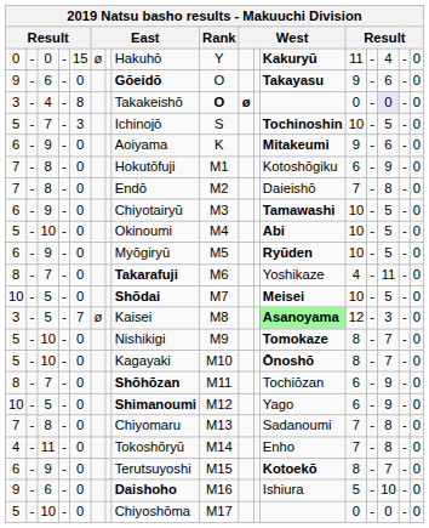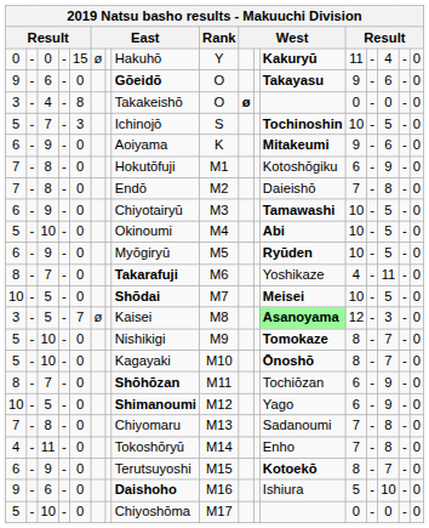 <table class="wikitable">
 <tr>
 <th colspan="17">2019 Natsu basho results - Makuuchi Division</th>
 </tr>
 <tr>
 <th colspan="5">Result</th>
 <th colspan="3">East</th>
 <th>Rank</th>
 <th colspan="3">West</th>
 <th colspan="5">Result</th>
 </tr>
 <tr>
 <td align=center>0</td>
 <td align=center>-</td>
 <td align=center>0</td>
 <td align=center>-</td>
 <td align=center>15</td>
 <td align=center>ø</td>
 <td align=center></td>
 <td>Hakuhō</td>
 <td align=center>Y</td>
 <td align=center></td>
 <td align=center></td>
 <td><strong>Kakuryū</strong></td>
 <td align=center>11</td>
 <td align=center>-</td>
 <td align=center>4</td>
 <td align=center>-</td>
 <td align=center>0</td>
 </tr>
 <tr>
 <td align=center>9</td>
 <td align=center>-</td>
 <td align=center>6</td>
 <td align=center>-</td>
 <td align=center>0</td>
 <td align=center></td>
 <td align=center></td>
 <td><strong>Gōeidō</strong></td>
 <td align=center>O</td>
 <td align=center></td>
 <td align=center></td>
 <td><strong>Takayasu</strong></td>
 <td align=center>9</td>
 <td align=center>-</td>
 <td align=center>6</td>
 <td align=center>-</td>
 <td align=center>0</td>
 </tr>
 <tr>
 <td align=center>3</td>
 <td align=center>-</td>
 <td align=center>4</td>
 <td align=center>-</td>
 <td align=center>8</td>
 <td align=center></td>
 <td align=center></td>
 <td>Takakeishō</td>
-<td align=center><strong>O</strong></td>
+<td align=center>O</td>
 <td align=center><strong>ø</strong></td>
 <td align=center></td>
 <td></td>
 <td align=center>0</td>
 <td align=center>-</td>
-<td align=center style="background: lavender;">0</td>
+<td align=center>0</td>
 <td align=center>-</td>
 <td align=center>0</td>
 </tr>
 <tr>
 <td align=center>5</td>
 <td align=center>-</td>
 <td align=center>7</td>
 <td align=center>-</td>
 <td align=center>3</td>
 <td align=center></td>
 <td align=center></td>
 <td>Ichinojō</td>
 <td align=center>S</td>
 <td align=center></td>
 <td align=center></td>
 <td><strong>Tochinoshin</strong></td>
 <td align=center>10</td>
 <td align=center>-</td>
 <td align=center>5</td>
 <td align=center>-</td>
 <td align=center>0</td>
 </tr>
 <tr>
 <td align=center>6</td>
 <td align=center>-</td>
 <td align=center>9</td>
 <td align=center>-</td>
 <td align=center>0</td>
 <td align=center></td>
 <td align=center></td>
 <td>Aoiyama</td>
 <td align=center>K</td>
 <td align=center></td>
 <td align=center></td>
 <td><strong>Mitakeumi</strong></td>
 <td align=center>9</td>
 <td align=center>-</td>
 <td align=center>6</td>
 <td align=center>-</td>
 <td align=center>0</td>
 </tr>
 <tr>
 <td align=center>7</td>
 <td align=center>-</td>
 <td align=center>8</td>
 <td align=center>-</td>
 <td align=center>0</td>
 <td align=center></td>
 <td align=center></td>
 <td>Hokutōfuji</td>
 <td align=center>M1</td>
 <td align=center></td>
 <td align=center></td>
 <td>Kotoshōgiku</td>
 <td align=center>6</td>
 <td align=center>-</td>
 <td align=center>9</td>
 <td align=center>-</td>
 <td align=center>0</td>
 </tr>
 <tr>
 <td align=center>7</td>
 <td align=center>-</td>
 <td align=center>8</td>
 <td align=center>-</td>
 <td align=center>0</td>
 <td align=center></td>
 <td align=center></td>
 <td>Endō</td>
 <td align=center>M2</td>
 <td align=center></td>
 <td align=center></td>
 <td>Daieishō</td>
 <td align=center>7</td>
 <td align=center>-</td>
 <td align=center>8</td>
 <td align=center>-</td>
 <td align=center>0</td>
 </tr>
 <tr>
 <td align=center>6</td>
 <td align=center>-</td>
 <td align=center>9</td>
 <td align=center>-</td>
 <td align=center>0</td>
 <td align=center></td>
 <td align=center></td>
 <td>Chiyotairyū</td>
 <td align=center>M3</td>
 <td align=center></td>
 <td align=center></td>
 <td><strong>Tamawashi</strong></td>
 <td align=center>10</td>
 <td align=center>-</td>
 <td align=center>5</td>
 <td align=center>-</td>
 <td align=center>0</td>
 </tr>
 <tr>
 <td align=center>5</td>
 <td align=center>-</td>
 <td align=center>10</td>
 <td align=center>-</td>
 <td align=center>0</td>
 <td align=center></td>
 <td align=center></td>
 <td>Okinoumi</td>
 <td align=center>M4</td>
 <td align=center></td>
 <td align=center></td>
 <td><strong>Abi</strong></td>
 <td align=center>10</td>
 <td align=center>-</td>
 <td align=center>5</td>
 <td align=center>-</td>
 <td align=center>0</td>
 </tr>
 <tr>
 <td align=center>6</td>
 <td align=center>-</td>
 <td align=center>9</td>
 <td align=center>-</td>
 <td align=center>0</td>
 <td align=center></td>
 <td align=center></td>
 <td>Myōgiryū</td>
 <td align=center>M5</td>
 <td align=center></td>
 <td align=center></td>
 <td><strong>Ryūden</strong></td>
 <td align=center>10</td>
 <td align=center>-</td>
 <td align=center>5</td>
 <td align=center>-</td>
 <td align=center>0</td>
 </tr>
 <tr>
 <td align=center>8</td>
 <td align=center>-</td>
 <td align=center>7</td>
 <td align=center>-</td>
 <td align=center>0</td>
 <td align=center></td>
 <td align=center></td>
 <td><strong>Takarafuji</strong></td>
 <td align=center>M6</td>
 <td align=center></td>
 <td align=center></td>
 <td>Yoshikaze</td>
 <td align=center>4</td>
 <td align=center>-</td>
 <td align=center>11</td>
 <td align=center>-</td>
 <td align=center>0</td>
 </tr>
 <tr>
 <td align=center>10</td>
 <td align=center>-</td>
 <td align=center>5</td>
 <td align=center>-</td>
 <td align=center>0</td>
 <td align=center></td>
 <td align=center></td>
 <td><strong>Shōdai</strong></td>
 <td align=center>M7</td>
 <td align=center></td>
 <td align=center></td>
 <td><strong>Meisei</strong></td>
 <td align=center>10</td>
 <td align=center>-</td>
 <td align=center>5</td>
 <td align=center>-</td>
 <td align=center>0</td>
 </tr>
 <tr>
 <td align=center>3</td>
 <td align=center>-</td>
 <td align=center>5</td>
 <td align=center>-</td>
 <td align=center>7</td>
 <td align=center>ø</td>
 <td align=center></td>
 <td>Kaisei</td>
 <td align=center>M8</td>
 <td align=center></td>
 <td align=center></td>
 <td style="background: PaleGreen;"><strong>Asanoyama</strong></td>
 <td align=center>12</td>
 <td align=center>-</td>
 <td align=center>3</td>
 <td align=center>-</td>
 <td align=center>0</td>
 </tr>
 <tr>
 <td align=center>5</td>
 <td align=center>-</td>
 <td align=center>10</td>
 <td align=center>-</td>
 <td align=center>0</td>
 <td align=center></td>
 <td align=center></td>
 <td>Nishikigi</td>
 <td align=center>M9</td>
 <td align=center></td>
 <td align=center></td>
 <td><strong>Tomokaze</strong></td>
 <td align=center>8</td>
 <td align=center>-</td>
 <td align=center>7</td>
 <td align=center>-</td>
 <td align=center>0</td>
 </tr>
 <tr>
 <td align=center>5</td>
 <td align=center>-</td>
 <td align=center>10</td>
 <td align=center>-</td>
 <td align=center>0</td>
 <td align=center></td>
 <td align=center></td>
 <td>Kagayaki</td>
 <td align=center>M10</td>
 <td align=center></td>
 <td align=center></td>
 <td><strong>Ōnoshō</strong></td>
 <td align=center>8</td>
 <td align=center>-</td>
 <td align=center>7</td>
 <td align=center>-</td>
 <td align=center>0</td>
 </tr>
 <tr>
 <td align=center>8</td>
 <td align=center>-</td>
 <td align=center>7</td>
 <td align=center>-</td>
 <td align=center>0</td>
 <td align=center></td>
 <td align=center></td>
 <td><strong>Shōhōzan</strong></td>
 <td align=center>M11</td>
 <td align=center></td>
 <td align=center></td>
 <td>Tochiōzan</td>
 <td align=center>6</td>
 <td align=center>-</td>
 <td align=center>9</td>
 <td align=center>-</td>
 <td align=center>0</td>
 </tr>
 <tr>
 <td align=center>10</td>
 <td align=center>-</td>
 <td align=center>5</td>
 <td align=center>-</td>
 <td align=center>0</td>
 <td align=center></td>
 <td align=center></td>
 <td><strong>Shimanoumi</strong></td>
 <td align=center>M12</td>
 <td align=center></td>
 <td align=center></td>
 <td>Yago</td>
 <td align=center>6</td>
 <td align=center>-</td>
 <td align=center>9</td>
 <td align=center>-</td>
 <td align=center>0</td>
 </tr>
 <tr>
 <td align=center>7</td>
 <td align=center>-</td>
 <td align=center>8</td>
 <td align=center>-</td>
 <td align=center>0</td>
 <td align=center></td>
 <td align=center></td>
 <td>Chiyomaru</td>
 <td align=center>M13</td>
 <td align=center></td>
 <td align=center></td>
 <td>Sadanoumi</td>
 <td align=center>7</td>
 <td align=center>-</td>
 <td align=center>8</td>
 <td align=center>-</td>
 <td align=center>0</td>
 </tr>
 <tr>
 <td align=center>4</td>
 <td align=center>-</td>
 <td align=center>11</td>
 <td align=center>-</td>
 <td align=center>0</td>
 <td align=center></td>
 <td align=center></td>
 <td>Tokoshōryū</td>
 <td align=center>M14</td>
 <td align=center></td>
 <td align=center></td>
 <td>Enho</td>
 <td align=center>7</td>
 <td align=center>-</td>
 <td align=center>8</td>
 <td align=center>-</td>
 <td align=center>0</td>
 </tr>
 <tr>
 <td align=center>6</td>
 <td align=center>-</td>
 <td align=center>9</td>
 <td align=center>-</td>
 <td align=center>0</td>
 <td align=center></td>
 <td align=center></td>
 <td>Terutsuyoshi</td>
 <td align=center>M15</td>
 <td align=center></td>
 <td align=center></td>
 <td><strong>Kotoekō</strong></td>
 <td align=center>8</td>
 <td align=center>-</td>
 <td align=center>7</td>
 <td align=center>-</td>
 <td align=center>0</td>
 </tr>
 <tr>
 <td align=center>9</td>
 <td align=center>-</td>
 <td align=center>6</td>
 <td align=center>-</td>
 <td align=center>0</td>
 <td align=center></td>
 <td align=center></td>
 <td><strong>Daishoho</strong></td>
 <td align=center>M16</td>
 <td align=center></td>
 <td align=center></td>
 <td>Ishiura</td>
 <td align=center>5</td>
 <td align=center>-</td>
 <td align=center>10</td>
 <td align=center>-</td>
 <td align=center>0</td>
 </tr>
 <tr>
 <td align=center>5</td>
 <td align=center>-</td>
 <td align=center>10</td>
 <td align=center>-</td>
 <td align=center>0</td>
 <td align=center></td>
 <td align=center></td>
 <td>Chiyoshōma</td>
 <td align=center>M17</td>
 <td align=center></td>
 <td align=center></td>
 <td></td>
 <td align=center>0</td>
 <td align=center>-</td>
 <td align=center>0</td>
 <td align=center>-</td>
 <td align=center>0</td>
 </tr>
 </table>
